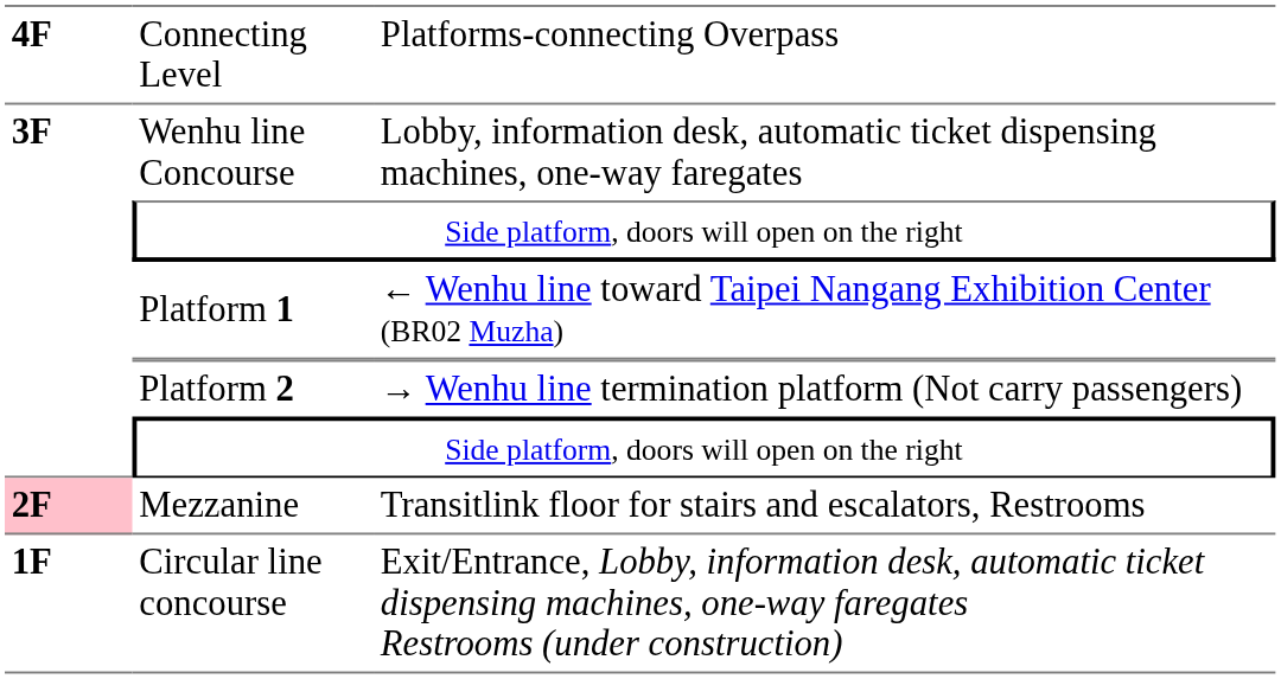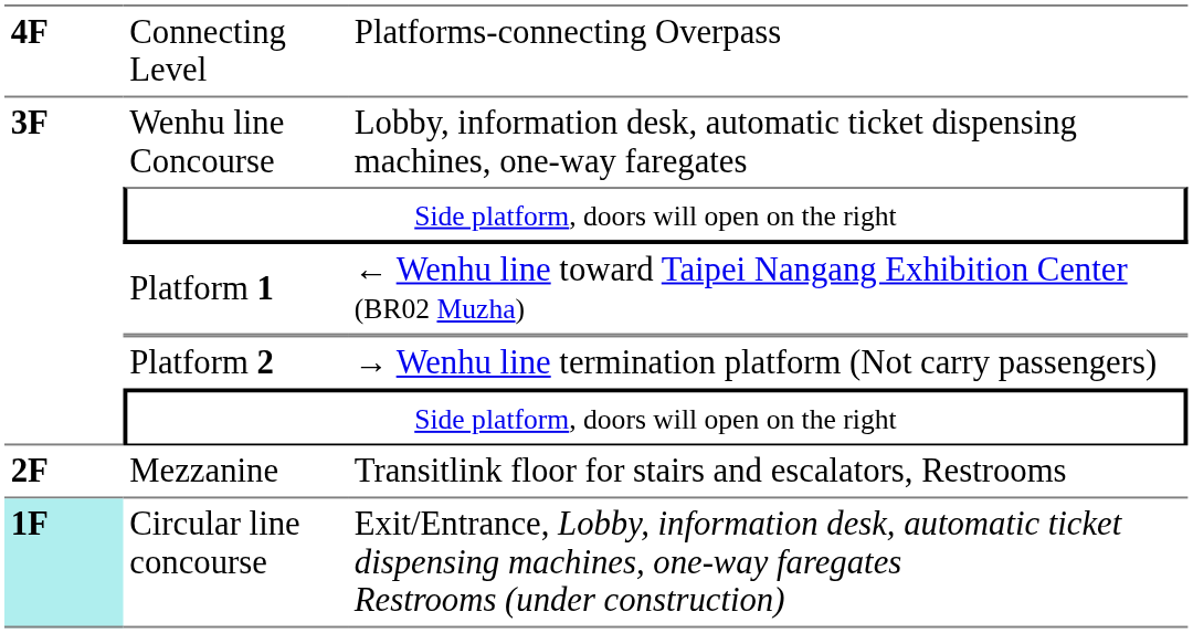 <table cellspacing=0 cellpadding=3>
 <tr>
 <td style="border-top:solid 1px gray;border-bottom:solid 1px gray;" width=50 valign=top><strong>4F</strong></td>
 <td style="border-top:solid 1px gray;border-bottom:solid 1px gray;" width=100 valign=top>Connecting Level</td>
 <td style="border-top:solid 1px gray;border-bottom:solid 1px gray;" width=390 valign=top>Platforms-connecting Overpass</td>
 </tr>
 <tr>
 <td style="border-bottom:solid 1px gray;" rowspan=5 valign=top><strong>3F</strong></td>
 <td rowspan=1 valign=top>Wenhu line Concourse</td>
 <td>Lobby, information desk, automatic ticket dispensing machines, one-way faregates</td>
 </tr>
 <tr>
 <td style="border-right:solid 2px black;border-left:solid 2px black;border-bottom:solid 2px black;border-top:solid 1px gray;" colspan=2 align=center><small><a href='#'>Side platform</a>, doors will open on the right</small></td>
 </tr>
 <tr>
 <td style="border-bottom:solid 1px gray;" width=100>Platform <span><strong>1</strong></span></td>
 <td style="border-bottom:solid 1px gray;" width=390>←  <a href='#'>Wenhu line</a> toward <a href='#'>Taipei Nangang Exhibition Center</a> <small>(BR02 <a href='#'>Muzha</a>)</small></td>
 </tr>
 <tr>
 <td style="border-top:solid 1px gray;" width=100>Platform <span><strong>2</strong></span></td>
 <td style="border-top:solid 1px gray;" width=390><span>→</span>  <a href='#'>Wenhu line</a> termination platform (Not carry passengers)</td>
 </tr>
 <tr>
 <td style="border-top:solid 2px black;border-right:solid 2px black;border-left:solid 2px black;border-bottom:solid 1px black;" colspan=2 align=center><small><a href='#'>Side platform</a>, doors will open on the right</small></td>
 </tr>
 <tr>
-<td style="background: pink; border-bottom:solid 1px gray;" valign=top><strong>2F</strong></td>
+<td style="border-bottom:solid 1px gray;" valign=top><strong>2F</strong></td>
 <td style="border-bottom:solid 1px gray;" valign=top>Mezzanine</td>
 <td style="border-bottom:solid 1px gray;" valign=top>Transitlink floor for stairs and escalators, Restrooms</td>
 </tr>
 <tr>
-<td style="border-bottom:solid 1px gray;" rowspan=1 valign=top><strong>1F</strong></td>
+<td style="background: paleturquoise; border-bottom:solid 1px gray;" rowspan=1 valign=top><strong>1F</strong></td>
 <td style="border-bottom:solid 1px gray;" rowspan=1 valign=top>Circular line concourse</td>
 <td style="border-bottom:solid 1px gray;" rowspan=1 valign=top>Exit/Entrance, <em>Lobby, information desk, automatic ticket dispensing machines, one-way faregates<br>Restrooms (under construction)</em></td>
 </tr>
 </table>
